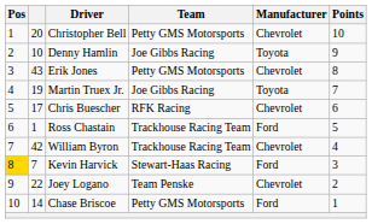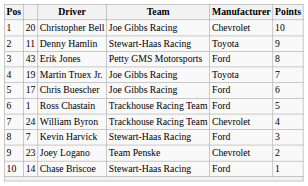 <table class="wikitable" style="font-size:98%">
 <tr>
 <th>Pos</th>
 <th></th>
 <th>Driver</th>
 <th>Team</th>
 <th>Manufacturer</th>
 <th>Points</th>
 </tr>
 <tr>
 <td>1</td>
 <td>20</td>
 <td>Christopher Bell</td>
-<td>Petty GMS Motorsports</td>
+<td>Joe Gibbs Racing</td>
 <td>Chevrolet</td>
 <td>10</td>
 </tr>
 <tr>
 <td>2</td>
-<td>10</td>
+<td>11</td>
 <td>Denny Hamlin</td>
-<td>Joe Gibbs Racing</td>
+<td>Stewart-Haas Racing</td>
 <td>Toyota</td>
 <td>9</td>
 </tr>
 <tr>
 <td>3</td>
 <td>43</td>
 <td>Erik Jones</td>
 <td>Petty GMS Motorsports</td>
-<td>Chevrolet</td>
+<td>Ford</td>
 <td>8</td>
 </tr>
 <tr>
 <td>4</td>
 <td>19</td>
 <td>Martin Truex Jr.</td>
 <td>Joe Gibbs Racing</td>
 <td>Toyota</td>
 <td>7</td>
 </tr>
 <tr>
 <td>5</td>
 <td>17</td>
 <td>Chris Buescher</td>
-<td>RFK Racing</td>
-<td>Chevrolet</td>
+<td>Joe Gibbs Racing</td>
+<td>Ford</td>
 <td>6</td>
 </tr>
 <tr>
 <td>6</td>
 <td>1</td>
 <td>Ross Chastain</td>
 <td>Trackhouse Racing Team</td>
 <td>Ford</td>
 <td>5</td>
 </tr>
 <tr>
 <td>7</td>
-<td>42</td>
+<td>24</td>
 <td>William Byron</td>
 <td>Trackhouse Racing Team</td>
 <td>Chevrolet</td>
 <td>4</td>
 </tr>
 <tr>
-<td style="background: gold;">8</td>
+<td>8</td>
 <td>7</td>
 <td>Kevin Harvick</td>
 <td>Stewart-Haas Racing</td>
 <td>Ford</td>
 <td>3</td>
 </tr>
 <tr>
 <td>9</td>
-<td>22</td>
+<td>23</td>
 <td>Joey Logano</td>
 <td>Team Penske</td>
 <td>Chevrolet</td>
 <td>2</td>
 </tr>
 <tr>
 <td>10</td>
 <td>14</td>
 <td>Chase Briscoe</td>
-<td>Petty GMS Motorsports</td>
+<td>Stewart-Haas Racing</td>
 <td>Ford</td>
 <td>1</td>
 </tr>
 <tr>
 <th colspan="6"></th>
 </tr>
 </table>
